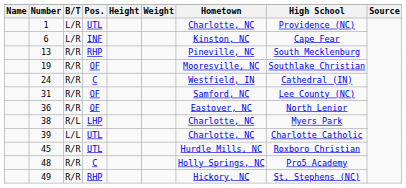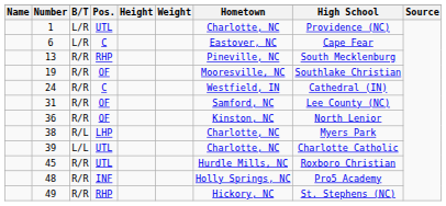 <table class="wikitable sortable">
 <tr>
 </tr>
 <tr>
 <th style="text-align:center; ">Name</th>
 <th style="text-align:center; ">Number</th>
 <th style="text-align:center; ">B/T</th>
 <th style="text-align:center; ">Pos.</th>
 <th style="text-align:center; ">Height</th>
 <th style="text-align:center; ">Weight</th>
 <th style="text-align:center; ">Hometown</th>
 <th style="text-align:center; ">High School</th>
 <th style="text-align:center; ">Source</th>
 </tr>
 <tr align="center">
 <td></td>
 <td>1</td>
 <td>L/R</td>
 <td><a href='#'>UTL</a></td>
 <td></td>
 <td></td>
 <td><a href='#'>Charlotte, NC</a></td>
 <td><a href='#'>Providence (NC)</a></td>
 </tr>
 <tr align="center">
 <td></td>
 <td>6</td>
 <td>L/R</td>
-<td><a href='#'>INF</a></td>
+<td><a href='#'>C</a></td>
 <td></td>
 <td></td>
-<td><a href='#'>Kinston, NC</a></td>
+<td><a href='#'>Eastover, NC</a></td>
 <td><a href='#'>Cape Fear</a></td>
 </tr>
 <tr align="center">
 <td></td>
 <td>13</td>
 <td>R/R</td>
 <td><a href='#'>RHP</a></td>
 <td></td>
 <td></td>
 <td><a href='#'>Pineville, NC</a></td>
 <td><a href='#'>South Mecklenburg</a></td>
 </tr>
 <tr align="center">
 <td></td>
 <td>19</td>
 <td>R/R</td>
 <td><a href='#'>OF</a></td>
 <td></td>
 <td></td>
 <td><a href='#'>Mooresville, NC</a></td>
 <td><a href='#'>Southlake Christian</a></td>
 </tr>
 <tr align="center">
 <td></td>
 <td>24</td>
 <td>R/R</td>
 <td><a href='#'>C</a></td>
 <td></td>
 <td></td>
 <td><a href='#'>Westfield, IN</a></td>
 <td><a href='#'>Cathedral (IN)</a></td>
 </tr>
 <tr align="center">
 <td></td>
 <td>31</td>
 <td>R/R</td>
 <td><a href='#'>OF</a></td>
 <td></td>
 <td></td>
 <td><a href='#'>Samford, NC</a></td>
 <td><a href='#'>Lee County (NC)</a></td>
 </tr>
 <tr align="center">
 <td></td>
 <td>36</td>
 <td>R/R</td>
 <td><a href='#'>OF</a></td>
 <td></td>
 <td></td>
-<td><a href='#'>Eastover, NC</a></td>
+<td><a href='#'>Kinston, NC</a></td>
 <td><a href='#'>North Lenior</a></td>
 </tr>
 <tr align="center">
 <td></td>
 <td>38</td>
 <td>R/L</td>
 <td><a href='#'>LHP</a></td>
 <td></td>
 <td></td>
 <td><a href='#'>Charlotte, NC</a></td>
 <td><a href='#'>Myers Park</a></td>
 </tr>
 <tr align="center">
 <td></td>
 <td>39</td>
 <td>L/L</td>
 <td><a href='#'>UTL</a></td>
 <td></td>
 <td></td>
 <td><a href='#'>Charlotte, NC</a></td>
 <td><a href='#'>Charlotte Catholic</a></td>
 </tr>
 <tr align="center">
 <td></td>
 <td>45</td>
 <td>R/R</td>
 <td><a href='#'>UTL</a></td>
 <td></td>
 <td></td>
 <td><a href='#'>Hurdle Mills, NC</a></td>
 <td><a href='#'>Roxboro Christian</a></td>
 </tr>
 <tr align="center">
 <td></td>
 <td>48</td>
 <td>R/R</td>
-<td><a href='#'>C</a></td>
+<td><a href='#'>INF</a></td>
 <td></td>
 <td></td>
 <td><a href='#'>Holly Springs, NC</a></td>
 <td><a href='#'>Pro5 Academy</a></td>
 </tr>
 <tr align="center">
 <td></td>
 <td>49</td>
 <td>R/R</td>
 <td><a href='#'>RHP</a></td>
 <td></td>
 <td></td>
 <td><a href='#'>Hickory, NC</a></td>
 <td><a href='#'>St. Stephens (NC)</a></td>
 </tr>
 </table>
